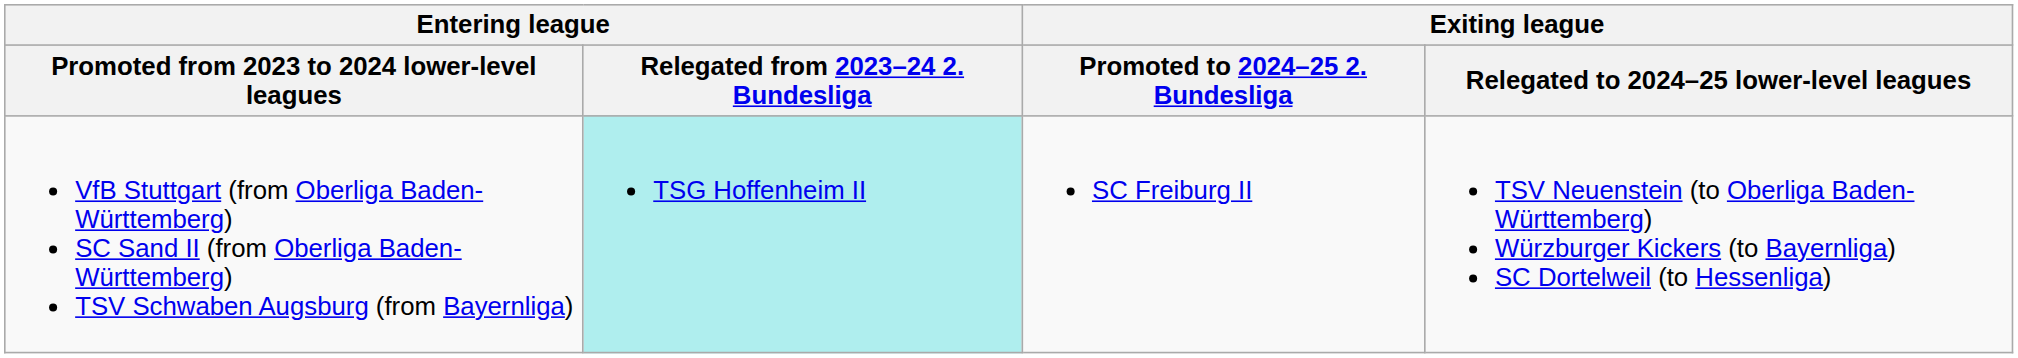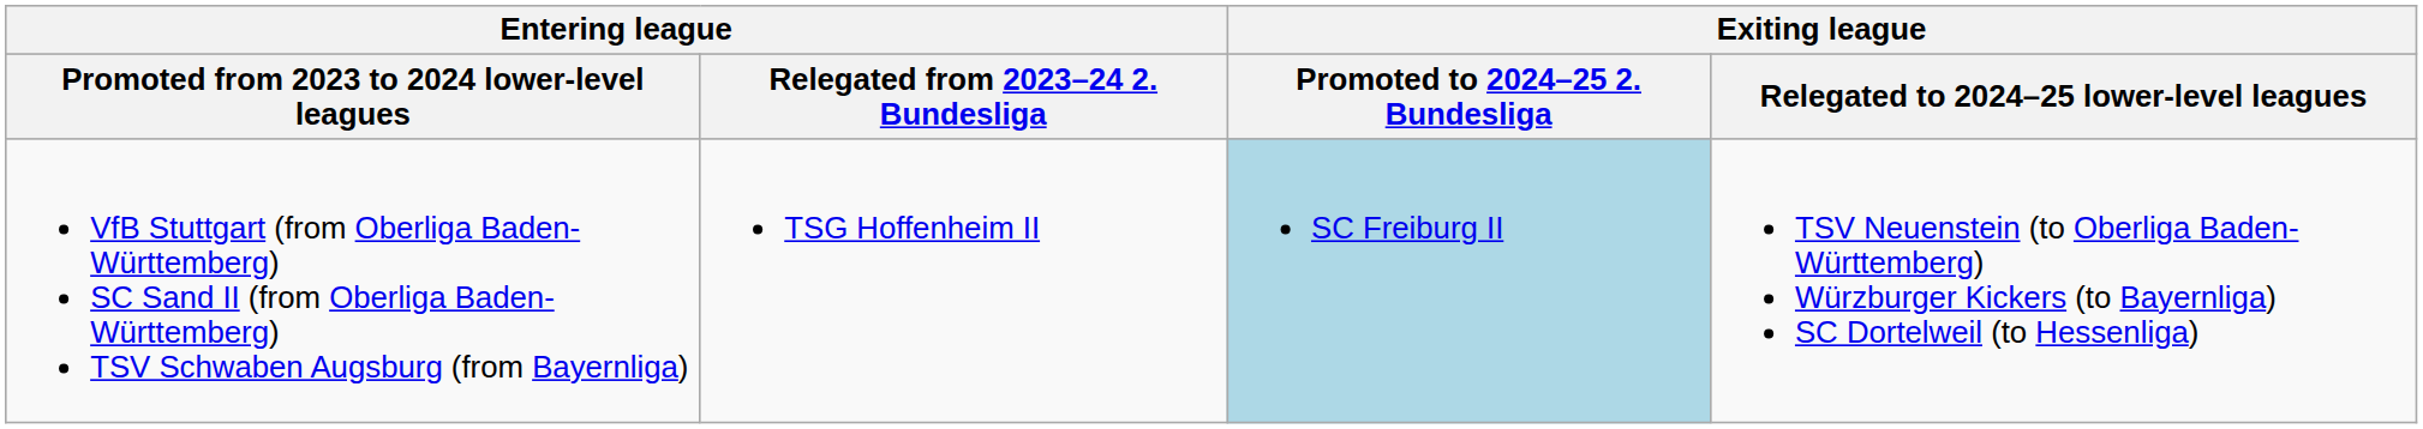 <table class="wikitable">
 <tr>
 <th colspan="2">Entering league</th>
 <th colspan="3">Exiting league</th>
 </tr>
 <tr>
 <th>Promoted from 2023 to 2024 lower-level leagues</th>
 <th>Relegated from <a href='#'>2023–24 2. Bundesliga</a></th>
 <th>Promoted to <a href='#'>2024–25 2. Bundesliga</a></th>
 <th colspan=2>Relegated to 2024–25 lower-level leagues</th>
 </tr>
 <tr style="vertical-align:top;">
 <td><br><ul><li><a href='#'>VfB Stuttgart</a> (from <a href='#'>Oberliga Baden-Württemberg</a>)</li><li><a href='#'>SC Sand II</a> (from <a href='#'>Oberliga Baden-Württemberg</a>)</li><li><a href='#'>TSV Schwaben Augsburg</a> (from <a href='#'>Bayernliga</a>)</li></ul></td>
-<td style="background: paleturquoise;"><br><ul><li><a href='#'>TSG Hoffenheim II</a></li></ul></td>
-<td><br><ul><li><a href='#'>SC Freiburg II</a></li></ul></td>
+<td><br><ul><li><a href='#'>TSG Hoffenheim II</a></li></ul></td>
+<td style="background: lightblue;"><br><ul><li><a href='#'>SC Freiburg II</a></li></ul></td>
 <td><br><ul><li><a href='#'>TSV Neuenstein</a> (to <a href='#'>Oberliga Baden-Württemberg</a>)</li><li><a href='#'>Würzburger Kickers</a> (to <a href='#'>Bayernliga</a>)</li><li><a href='#'>SC Dortelweil</a> (to <a href='#'>Hessenliga</a>)</li></ul></td>
 </tr>
 </table>
